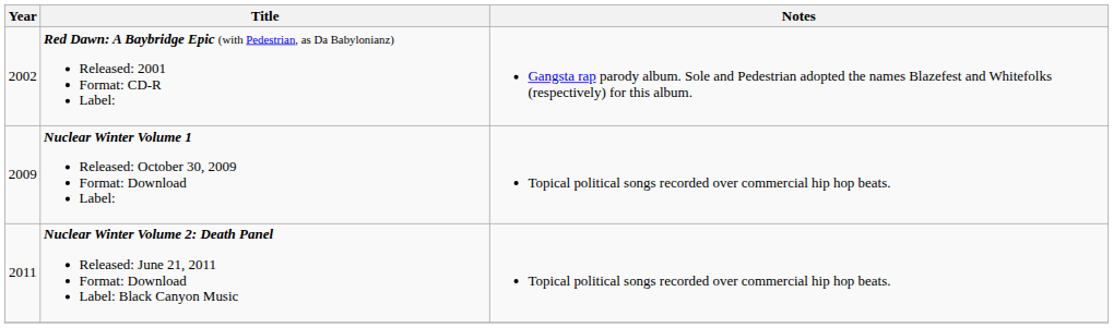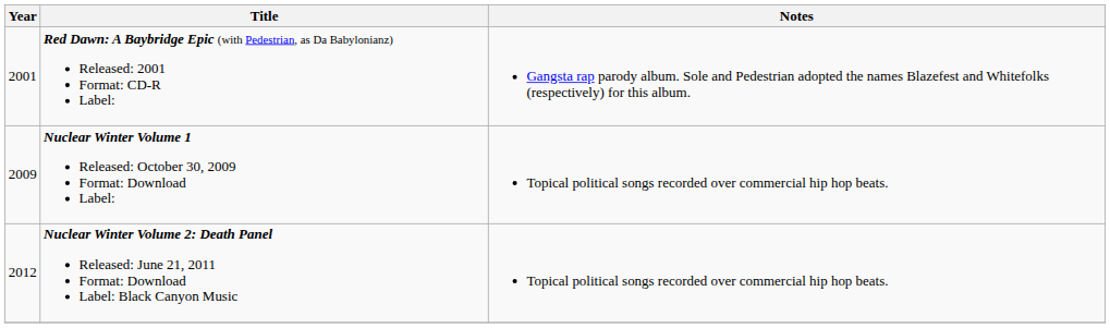 <table class="wikitable">
 <tr>
 <th rowspan="1" style="width:33px;">Year</th>
 <th rowspan="1" style="width:500px;">Title</th>
 <th rowspan="1">Notes</th>
 </tr>
 <tr>
-<td style="text-align:center;">2002</td>
+<td style="text-align:center;">2001</td>
 <td><strong><em>Red Dawn: A Baybridge Epic</em></strong> <small>(with <a href='#'>Pedestrian</a>, as Da Babylonianz)</small><br><ul><li>Released: 2001</li><li>Format: CD-R</li><li>Label:</li></ul></td>
 <td><br><ul><li><a href='#'>Gangsta rap</a> parody album. Sole and Pedestrian adopted the names Blazefest and Whitefolks (respectively) for this album.</li></ul></td>
 </tr>
 <tr>
 <td style="text-align:center;">2009</td>
 <td><strong><em>Nuclear Winter Volume 1</em></strong><br><ul><li>Released: October 30, 2009</li><li>Format: Download</li><li>Label:</li></ul></td>
 <td><br><ul><li>Topical political songs recorded over commercial hip hop beats.</li></ul></td>
 </tr>
 <tr>
-<td style="text-align:center;">2011</td>
+<td style="text-align:center;">2012</td>
 <td><strong><em>Nuclear Winter Volume 2: Death Panel</em></strong><br><ul><li>Released: June 21, 2011</li><li>Format: Download</li><li>Label: Black Canyon Music</li></ul></td>
 <td><br><ul><li>Topical political songs recorded over commercial hip hop beats.</li></ul></td>
 </tr>
 <tr>
 </tr>
 </table>
